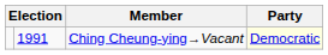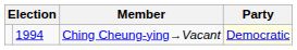 <table class="wikitable">
 <tr>
 <th colspan="2">Election</th>
 <th>Member</th>
 <th>Party</th>
 </tr>
 <tr>
 <td style="background-color: "></td>
-<td><a href='#'>1991</a></td>
+<td><a href='#'>1994</a></td>
 <td><a href='#'>Ching Cheung-ying</a>→<em>Vacant</em></td>
 <td style="background: lightyellow;"><a href='#'>Democratic</a></td>
 </tr>
 </table>
